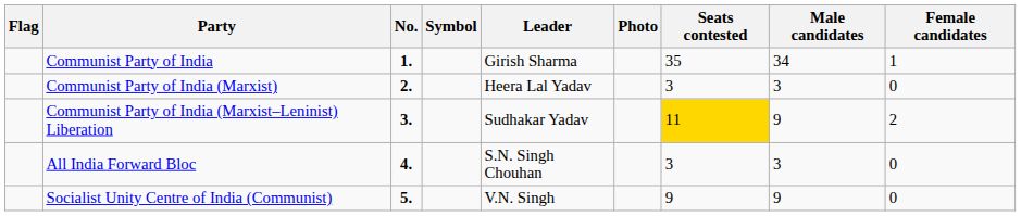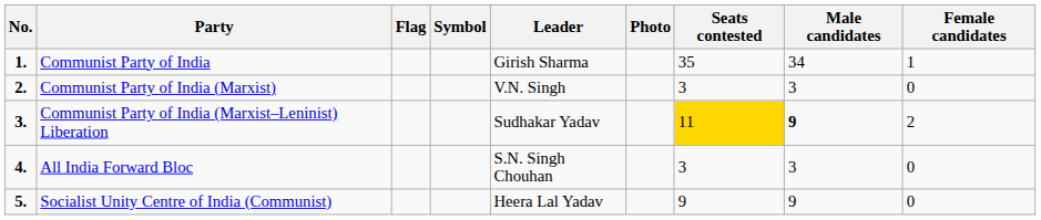 <table class="wikitable" style="width:80%">
 <tr>
+<th>No.</th>
+<th>Party</th>
 <th>Flag</th>
-<th>Party</th>
-<th>No.</th>
 <th>Symbol</th>
 <th>Leader</th>
 <th>Photo</th>
 <th>Seats contested</th>
 <th>Male candidates</th>
 <th>Female candidates</th>
 </tr>
 <tr>
+<td style="text-align:center; background:"><strong>1.</strong></td>
+<td><a href='#'>Communist Party of India</a></td>
 <td></td>
-<td><a href='#'>Communist Party of India</a></td>
-<td style="text-align:center; background:"><strong>1.</strong></td>
 <td></td>
 <td>Girish Sharma</td>
 <td></td>
 <td>35</td>
 <td>34</td>
 <td>1</td>
 </tr>
 <tr>
+<td style="text-align:center; background:"><strong>2.</strong></td>
+<td><a href='#'>Communist Party of India (Marxist)</a></td>
 <td></td>
-<td><a href='#'>Communist Party of India (Marxist)</a></td>
-<td style="text-align:center; background:"><strong>2.</strong></td>
 <td></td>
-<td>Heera Lal Yadav</td>
+<td>V.N. Singh</td>
 <td></td>
 <td>3</td>
 <td>3</td>
 <td>0</td>
 </tr>
 <tr>
+<td style="text-align:center; background:"><strong>3.</strong></td>
+<td><a href='#'>Communist Party of India (Marxist–Leninist) Liberation</a></td>
 <td></td>
-<td><a href='#'>Communist Party of India (Marxist–Leninist) Liberation</a></td>
-<td style="text-align:center; background:"><strong>3.</strong></td>
 <td></td>
 <td>Sudhakar Yadav</td>
 <td></td>
 <td style="background: gold;">11</td>
-<td>9</td>
+<td><strong>9</strong></td>
 <td>2</td>
 </tr>
 <tr>
+<td style="text-align:center; background:"><strong>4.</strong></td>
+<td><a href='#'>All India Forward Bloc</a></td>
 <td></td>
-<td><a href='#'>All India Forward Bloc</a></td>
-<td style="text-align:center; background:"><strong>4.</strong></td>
 <td></td>
 <td>S.N. Singh Chouhan</td>
 <td></td>
 <td>3</td>
 <td>3</td>
 <td>0</td>
 </tr>
 <tr>
+<td style="text-align:center; background:"><strong>5.</strong></td>
+<td><a href='#'>Socialist Unity Centre of India (Communist)</a></td>
 <td></td>
-<td><a href='#'>Socialist Unity Centre of India (Communist)</a></td>
-<td style="text-align:center; background:"><strong>5.</strong></td>
 <td></td>
-<td>V.N. Singh</td>
+<td>Heera Lal Yadav</td>
 <td></td>
 <td>9</td>
 <td>9</td>
 <td>0</td>
 </tr>
 </table>
